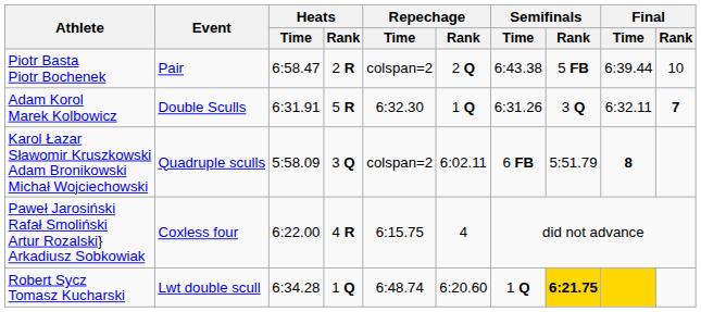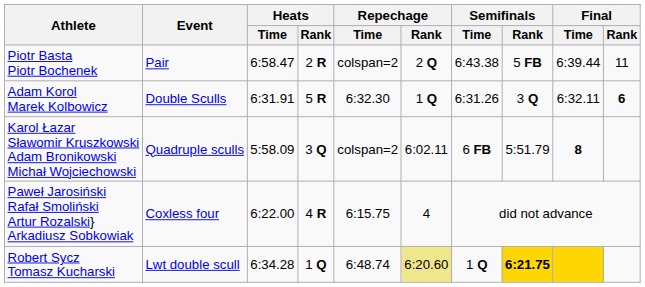 <table class="wikitable" style="font-size:90%">
 <tr>
 <th rowspan="2">Athlete</th>
 <th rowspan="2">Event</th>
 <th colspan="2">Heats</th>
 <th colspan="2">Repechage</th>
 <th colspan="2">Semifinals</th>
 <th colspan="2">Final</th>
 </tr>
 <tr style="font-size:95%">
 <th>Time</th>
 <th>Rank</th>
 <th>Time</th>
 <th>Rank</th>
 <th>Time</th>
 <th>Rank</th>
 <th>Time</th>
 <th>Rank</th>
 </tr>
 <tr align=center>
 <td align=left><a href='#'>Piotr Basta</a><br><a href='#'>Piotr Bochenek</a></td>
 <td align=left><a href='#'>Pair</a></td>
 <td>6:58.47</td>
 <td>2 <strong>R</strong></td>
 <td>colspan=2 </td>
 <td>2 <strong>Q</strong></td>
 <td>6:43.38</td>
 <td>5 <strong>FB</strong></td>
 <td>6:39.44</td>
-<td>10</td>
+<td>11</td>
 </tr>
 <tr align=center>
 <td align=left><a href='#'>Adam Korol</a><br><a href='#'>Marek Kolbowicz</a></td>
 <td align=left><a href='#'>Double Sculls</a></td>
 <td>6:31.91</td>
 <td>5 <strong>R</strong></td>
 <td>6:32.30</td>
 <td>1 <strong>Q</strong></td>
 <td>6:31.26</td>
 <td>3 <strong>Q</strong></td>
 <td>6:32.11</td>
-<td><strong>7</strong></td>
+<td><strong>6</strong></td>
 </tr>
 <tr align=center>
 <td align=left><a href='#'>Karol Łazar</a><br><a href='#'>Sławomir Kruszkowski</a><br><a href='#'>Adam Bronikowski</a><br><a href='#'>Michał Wojciechowski</a></td>
 <td align=left><a href='#'>Quadruple sculls</a></td>
 <td>5:58.09</td>
 <td>3 <strong>Q</strong></td>
 <td>colspan=2 </td>
 <td>6:02.11</td>
 <td>6 <strong>FB</strong></td>
 <td>5:51.79</td>
 <td><strong>8</strong></td>
 </tr>
 <tr align=center>
 <td align=left><a href='#'>Paweł Jarosiński</a><br><a href='#'>Rafał Smoliński</a><br><a href='#'>Artur Rozalski</a>}<br><a href='#'>Arkadiusz Sobkowiak</a></td>
 <td align=left><a href='#'>Coxless four</a></td>
 <td>6:22.00</td>
 <td>4 <strong>R</strong></td>
 <td>6:15.75</td>
 <td>4</td>
 <td colspan=4>did not advance</td>
 </tr>
 <tr align=center>
 <td align=left><a href='#'>Robert Sycz</a><br><a href='#'>Tomasz Kucharski</a></td>
 <td align=left><a href='#'>Lwt double scull</a></td>
 <td>6:34.28</td>
 <td>1 <strong>Q</strong></td>
 <td>6:48.74</td>
-<td>6:20.60</td>
+<td style="background: khaki;">6:20.60</td>
 <td>1 <strong>Q</strong></td>
 <td align="center" bgcolor='gold'><strong>6:21.75</strong></td>
 <td align="center" bgcolor='gold'></td>
 </tr>
 </table>
